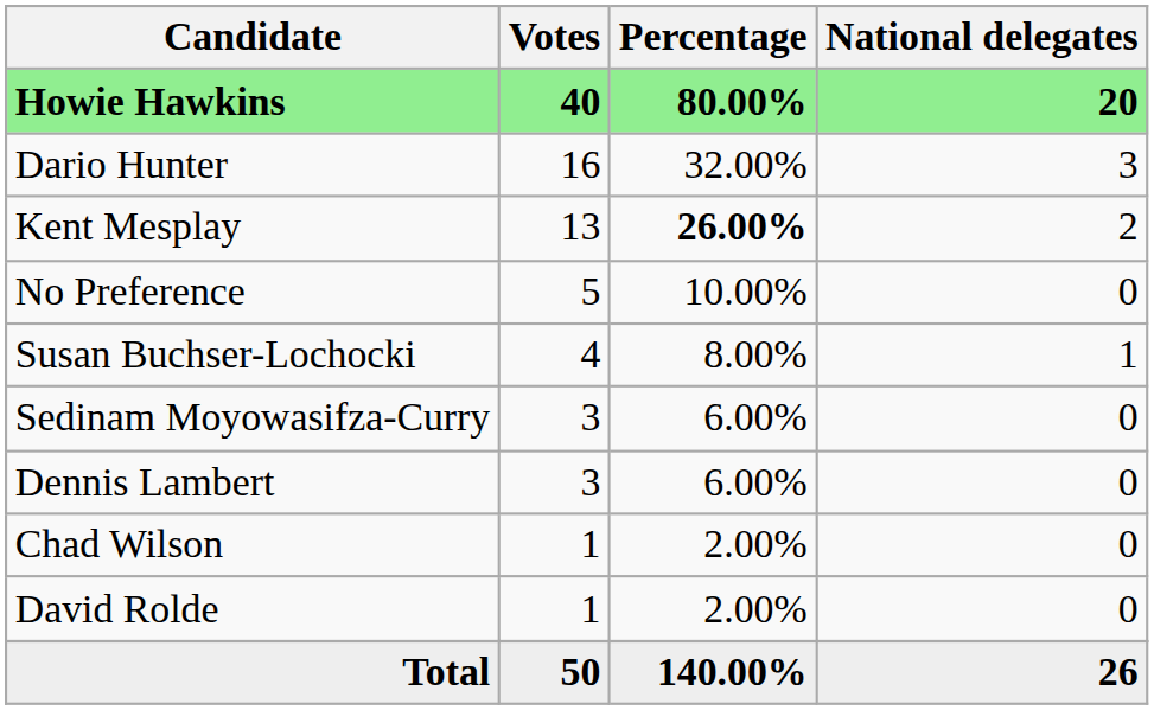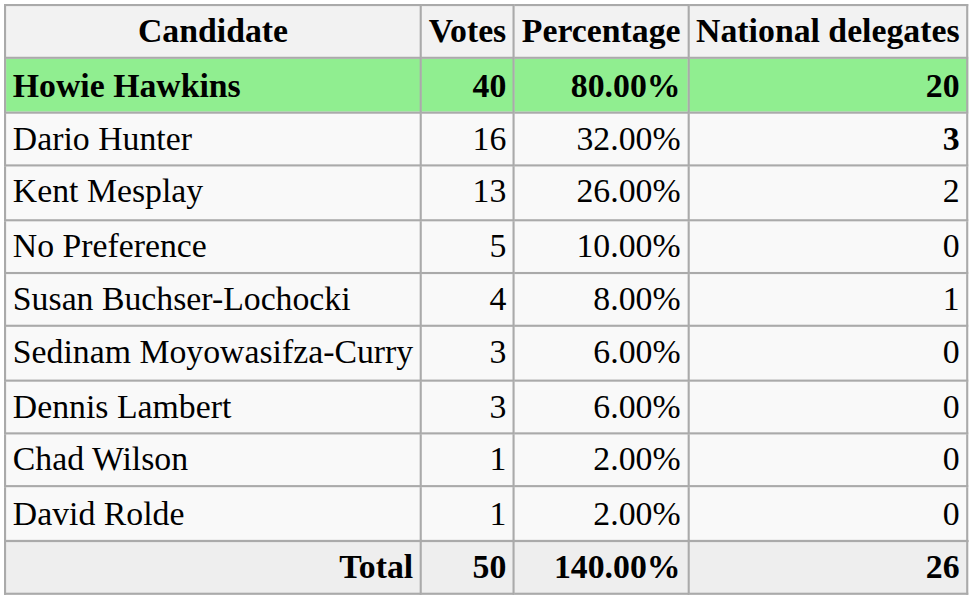 <table class="wikitable" style="text-align:right;">
 <tr>
 <th>Candidate</th>
 <th>Votes </th>
 <th>Percentage</th>
 <th>National delegates</th>
 </tr>
 <tr style="background:lightgreen;">
 <td style="text-align:left;"><strong>Howie Hawkins</strong></td>
 <td><strong>40</strong></td>
 <td><strong>80.00%</strong></td>
 <td><strong>20</strong></td>
 </tr>
 <tr>
 <td style="text-align:left;">Dario Hunter</td>
 <td>16</td>
 <td>32.00%</td>
-<td>3</td>
+<td><strong>3</strong></td>
 </tr>
 <tr>
 <td style="text-align:left;">Kent Mesplay</td>
 <td>13</td>
-<td><strong>26.00%</strong></td>
+<td>26.00%</td>
 <td>2</td>
 </tr>
 <tr>
 <td style="text-align:left;">No Preference</td>
 <td>5</td>
 <td>10.00%</td>
 <td>0</td>
 </tr>
 <tr>
 <td style="text-align:left;">Susan Buchser-Lochocki</td>
 <td>4</td>
 <td>8.00%</td>
 <td>1</td>
 </tr>
 <tr>
 <td style="text-align:left;">Sedinam Moyowasifza-Curry</td>
 <td>3</td>
 <td>6.00%</td>
 <td>0</td>
 </tr>
 <tr>
 <td style="text-align:left;">Dennis Lambert</td>
 <td>3</td>
 <td>6.00%</td>
 <td>0</td>
 </tr>
 <tr>
 <td style="text-align:left;">Chad Wilson</td>
 <td>1</td>
 <td>2.00%</td>
 <td>0</td>
 </tr>
 <tr>
 <td style="text-align:left;">David Rolde</td>
 <td>1</td>
 <td>2.00%</td>
 <td>0</td>
 </tr>
 <tr>
 </tr>
 <tr style="background:#eee;">
 <td style="margin-right:0.50px"><strong>Total</strong></td>
 <td style="margin-right:0.50px"><strong>50</strong></td>
 <td style="margin-right:0.50px"><strong>140.00%</strong></td>
 <td style="margin-right:0.50px"><strong>26</strong></td>
 </tr>
 </table>
